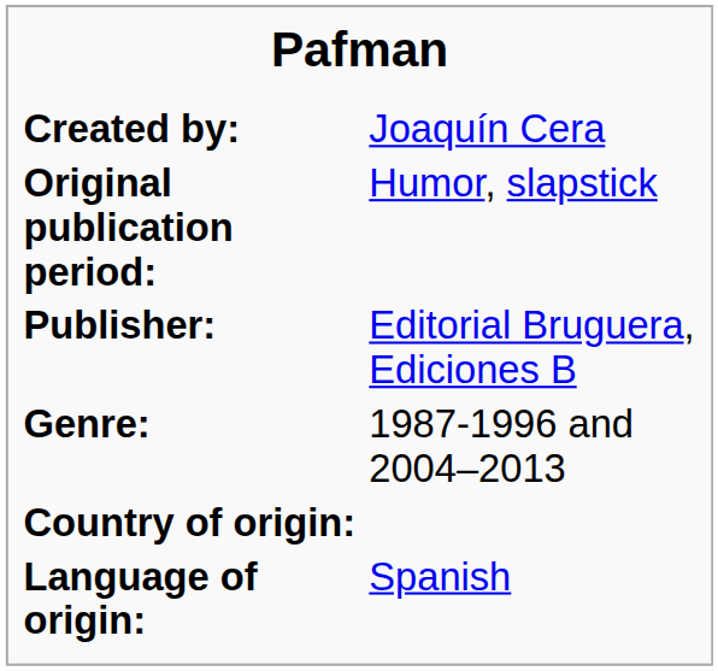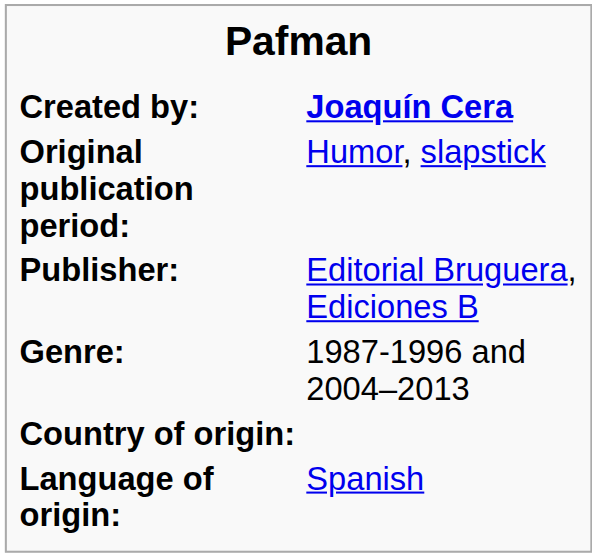 <table class="infobox" style="width: 18em; font-size: 3; text-align: left;">
 <tr>
 <td colspan="2" style="text-align: center; font-size: 125%; font-weight: bold"><span><strong>Pafman</strong></span></td>
 </tr>
 <tr>
 <td colspan="2" style="text-align: center;"></td>
 </tr>
 <tr>
 <td colspan="2" style="text-align: center;"></td>
 </tr>
 <tr>
 <td><strong>Created by:</strong></td>
-<td><a href='#'>Joaquín Cera</a></td>
+<td><strong><a href='#'>Joaquín Cera</a></strong></td>
 </tr>
 <tr>
 <td><strong>Original publication period:</strong></td>
 <td><a href='#'>Humor</a>, <a href='#'>slapstick</a></td>
 </tr>
 <tr>
 <td><strong>Publisher:</strong></td>
 <td><a href='#'>Editorial Bruguera</a>, <a href='#'>Ediciones B</a></td>
 </tr>
 <tr>
 <td><strong>Genre:</strong></td>
 <td>1987-1996 and 2004–2013</td>
 </tr>
 <tr>
 <td><strong>Country of origin:</strong></td>
 <td></td>
 </tr>
 <tr>
 <td><strong>Language of origin:</strong></td>
 <td><a href='#'>Spanish</a></td>
 </tr>
 <tr>
 </tr>
 </table>
